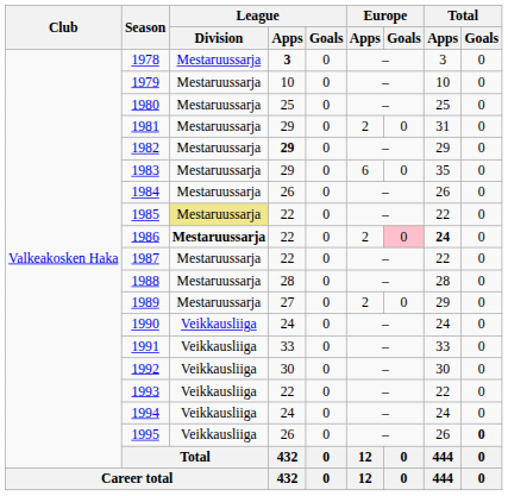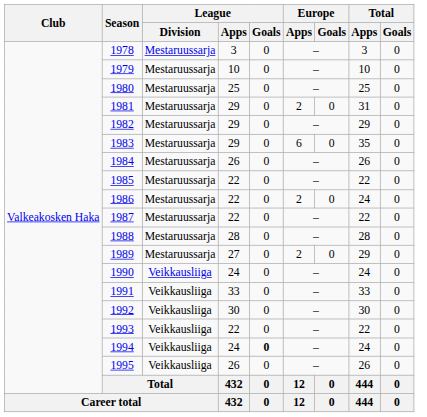 <table class="wikitable" style="text-align:center">
 <tr>
 <th rowspan="2">Club</th>
 <th rowspan="2">Season</th>
 <th colspan="3">League</th>
 <th colspan="2">Europe</th>
 <th colspan="2">Total</th>
 </tr>
 <tr>
 <th>Division</th>
 <th>Apps</th>
 <th>Goals</th>
 <th>Apps</th>
 <th>Goals</th>
 <th>Apps</th>
 <th>Goals</th>
 </tr>
 <tr>
 <td rowspan=19><a href='#'>Valkeakosken Haka</a></td>
 <td><a href='#'>1978</a></td>
 <td><a href='#'>Mestaruussarja</a></td>
-<td><strong>3</strong></td>
+<td>3</td>
 <td>0</td>
 <td colspan=2>–</td>
 <td>3</td>
 <td>0</td>
 </tr>
 <tr>
 <td><a href='#'>1979</a></td>
 <td>Mestaruussarja</td>
 <td>10</td>
 <td>0</td>
 <td colspan=2>–</td>
 <td>10</td>
 <td>0</td>
 </tr>
 <tr>
 <td><a href='#'>1980</a></td>
 <td>Mestaruussarja</td>
 <td>25</td>
 <td>0</td>
 <td colspan=2>–</td>
 <td>25</td>
 <td>0</td>
 </tr>
 <tr>
 <td><a href='#'>1981</a></td>
 <td>Mestaruussarja</td>
 <td>29</td>
 <td>0</td>
 <td>2</td>
 <td>0</td>
 <td>31</td>
 <td>0</td>
 </tr>
 <tr>
 <td><a href='#'>1982</a></td>
 <td>Mestaruussarja</td>
-<td><strong>29</strong></td>
+<td>29</td>
 <td>0</td>
 <td colspan=2>–</td>
 <td>29</td>
 <td>0</td>
 </tr>
 <tr>
 <td><a href='#'>1983</a></td>
 <td>Mestaruussarja</td>
 <td>29</td>
 <td>0</td>
 <td>6</td>
 <td>0</td>
 <td>35</td>
 <td>0</td>
 </tr>
 <tr>
 <td><a href='#'>1984</a></td>
 <td>Mestaruussarja</td>
 <td>26</td>
 <td>0</td>
 <td colspan=2>–</td>
 <td>26</td>
 <td>0</td>
 </tr>
 <tr>
 <td><a href='#'>1985</a></td>
-<td style="background: khaki;">Mestaruussarja</td>
+<td>Mestaruussarja</td>
 <td>22</td>
 <td>0</td>
 <td colspan=2>–</td>
 <td>22</td>
 <td>0</td>
 </tr>
 <tr>
 <td><a href='#'>1986</a></td>
-<td><strong>Mestaruussarja</strong></td>
+<td>Mestaruussarja</td>
 <td>22</td>
 <td>0</td>
 <td>2</td>
-<td style="background: pink;">0</td>
-<td><strong>24</strong></td>
+<td>0</td>
+<td>24</td>
 <td>0</td>
 </tr>
 <tr>
 <td><a href='#'>1987</a></td>
 <td>Mestaruussarja</td>
 <td>22</td>
 <td>0</td>
 <td colspan=2>–</td>
 <td>22</td>
 <td>0</td>
 </tr>
 <tr>
 <td><a href='#'>1988</a></td>
 <td>Mestaruussarja</td>
 <td>28</td>
 <td>0</td>
 <td colspan=2>–</td>
 <td>28</td>
 <td>0</td>
 </tr>
 <tr>
 <td><a href='#'>1989</a></td>
 <td>Mestaruussarja</td>
 <td>27</td>
 <td>0</td>
 <td>2</td>
 <td>0</td>
 <td>29</td>
 <td>0</td>
 </tr>
 <tr>
 <td><a href='#'>1990</a></td>
 <td><a href='#'>Veikkausliiga</a></td>
 <td>24</td>
 <td>0</td>
 <td colspan=2>–</td>
 <td>24</td>
 <td>0</td>
 </tr>
 <tr>
 <td><a href='#'>1991</a></td>
 <td>Veikkausliiga</td>
 <td>33</td>
 <td>0</td>
 <td colspan=2>–</td>
 <td>33</td>
 <td>0</td>
 </tr>
 <tr>
 <td><a href='#'>1992</a></td>
 <td>Veikkausliiga</td>
 <td>30</td>
 <td>0</td>
 <td colspan=2>–</td>
 <td>30</td>
 <td>0</td>
 </tr>
 <tr>
 <td><a href='#'>1993</a></td>
 <td>Veikkausliiga</td>
 <td>22</td>
 <td>0</td>
 <td colspan=2>–</td>
 <td>22</td>
 <td>0</td>
 </tr>
 <tr>
 <td><a href='#'>1994</a></td>
 <td>Veikkausliiga</td>
 <td>24</td>
-<td>0</td>
+<td><strong>0</strong></td>
 <td colspan=2>–</td>
 <td>24</td>
 <td>0</td>
 </tr>
 <tr>
 <td><a href='#'>1995</a></td>
 <td>Veikkausliiga</td>
 <td>26</td>
 <td>0</td>
 <td colspan=2>–</td>
 <td>26</td>
-<td><strong>0</strong></td>
+<td>0</td>
 </tr>
 <tr>
 <th colspan="2">Total</th>
 <th>432</th>
 <th>0</th>
 <th>12</th>
 <th>0</th>
 <th>444</th>
 <th>0</th>
 </tr>
 <tr>
 <th colspan="3">Career total</th>
 <th>432</th>
 <th>0</th>
 <th>12</th>
 <th>0</th>
 <th>444</th>
 <th>0</th>
 </tr>
 </table>
